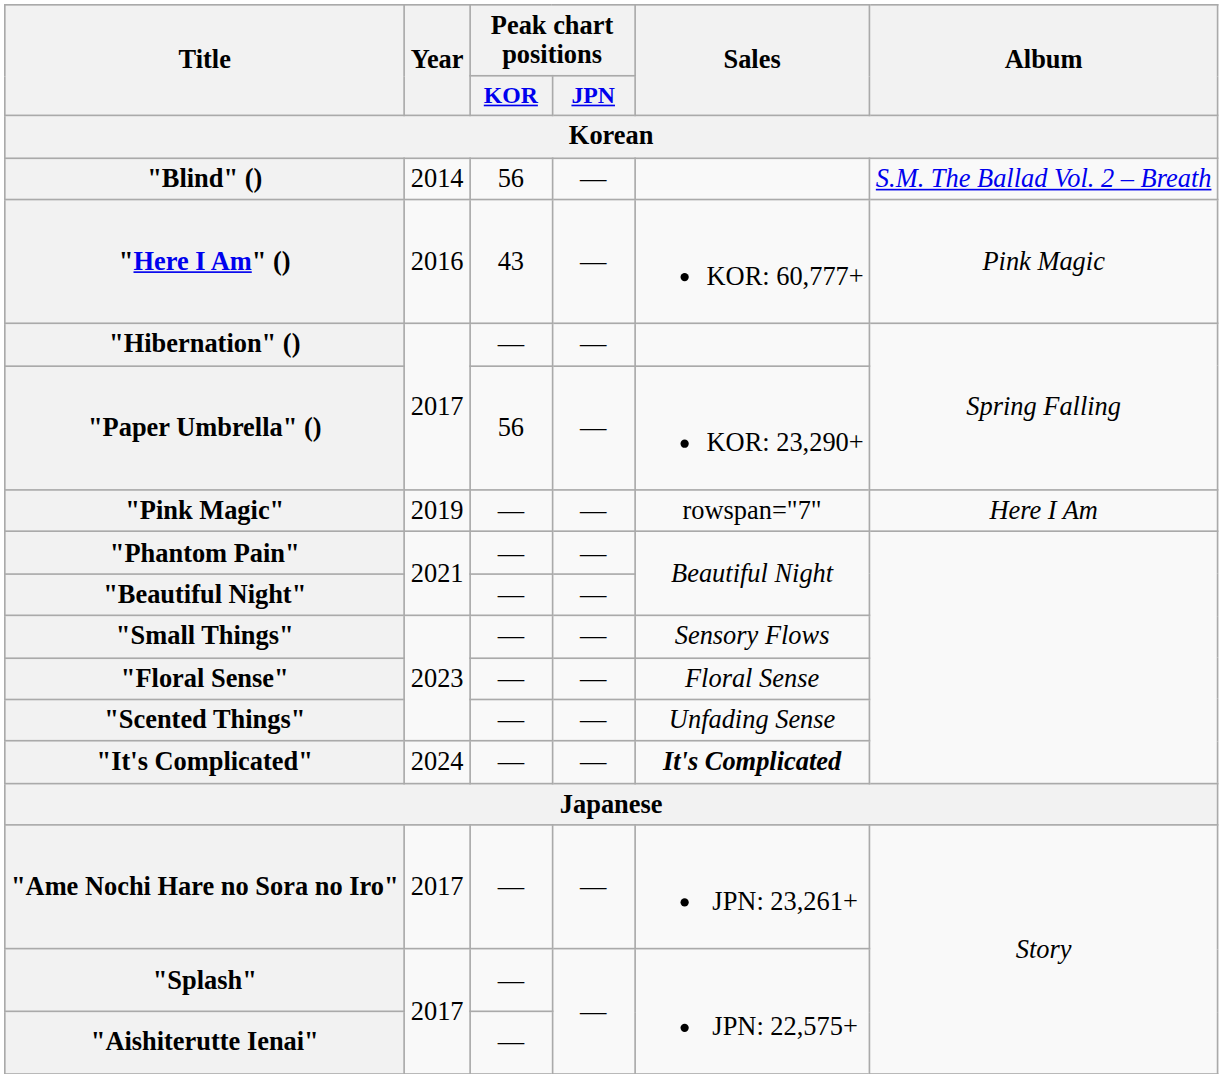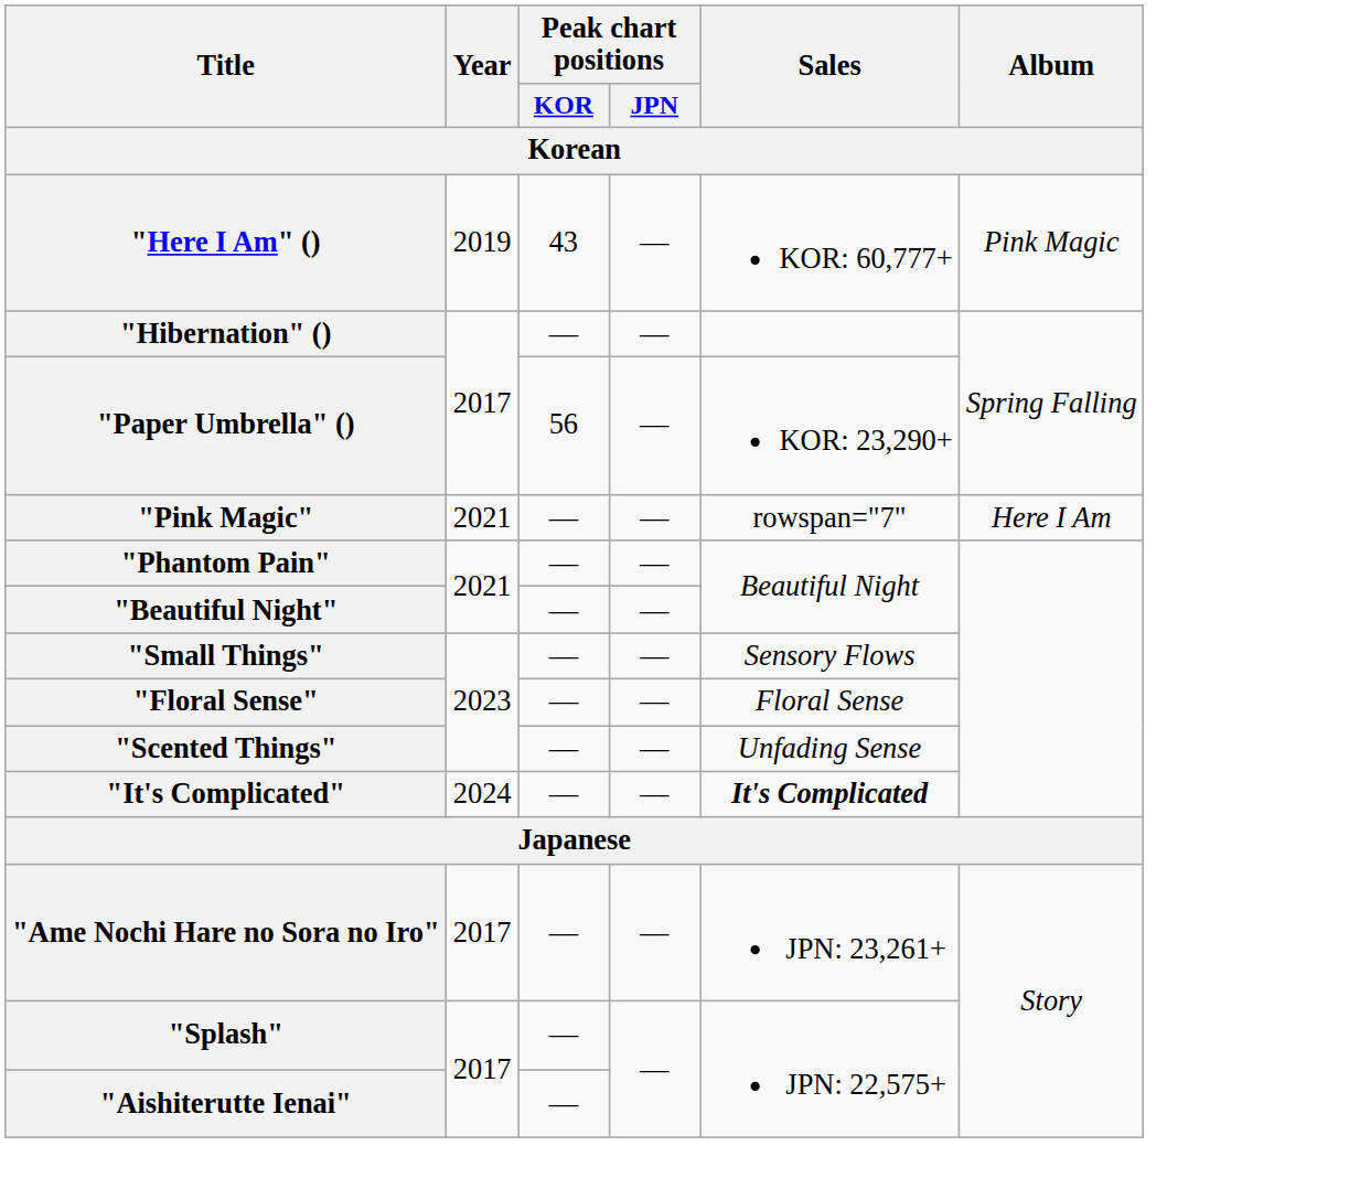 <table class="wikitable plainrowheaders" style="text-align:center;">
 <tr>
 <th rowspan=2>Title</th>
 <th rowspan=2>Year</th>
 <th colspan=2>Peak chart positions</th>
 <th rowspan=2>Sales</th>
 <th rowspan=2>Album</th>
 </tr>
 <tr>
 <th scope="col" style="width:3em;font-size:90%;"><a href='#'>KOR</a><br></th>
 <th scope="col" style="width:3em;font-size:90%;"><a href='#'>JPN</a><br></th>
 </tr>
 <tr>
 <th colspan="6">Korean</th>
 </tr>
 <tr>
-<th scope=row>"Blind" ()</th>
-<td>2014</td>
-<td>56</td>
-<td>—</td>
-<td></td>
-<td><em><a href='#'>S.M. The Ballad Vol. 2 – Breath</a></em></td>
-</tr>
-<tr>
 <th scope=row>"<a href='#'>Here I Am</a>" ()</th>
-<td>2016</td>
+<td>2019</td>
 <td>43</td>
 <td>—</td>
 <td><br><ul><li>KOR: 60,777+</li></ul></td>
 <td><em>Pink Magic</em></td>
 </tr>
 <tr>
 <th scope=row>"Hibernation" ()</th>
 <td rowspan="2">2017</td>
 <td>—</td>
 <td>—</td>
 <td></td>
 <td rowspan="2"><em>Spring Falling</em></td>
 </tr>
 <tr>
 <th scope=row>"Paper Umbrella" ()</th>
 <td>56</td>
 <td>—</td>
 <td><br><ul><li>KOR: 23,290+</li></ul></td>
 </tr>
 <tr>
 <th scope=row>"Pink Magic"</th>
-<td>2019</td>
+<td>2021</td>
 <td>—</td>
 <td>—</td>
 <td>rowspan="7" </td>
 <td><em>Here I Am</em></td>
 </tr>
 <tr>
 <th scope="row">"Phantom Pain"</th>
 <td rowspan="2">2021</td>
 <td>—</td>
 <td>—</td>
 <td rowspan="2"><em>Beautiful Night</em></td>
 </tr>
 <tr>
 <th scope=row>"Beautiful Night"</th>
 <td>—</td>
 <td>—</td>
 </tr>
 <tr>
 <th scope=row>"Small Things"</th>
 <td rowspan="3">2023</td>
 <td>—</td>
 <td>—</td>
 <td><em>Sensory Flows</em></td>
 </tr>
 <tr>
 <th scope=row>"Floral Sense"<br></th>
 <td>—</td>
 <td>—</td>
 <td><em>Floral Sense</em></td>
 </tr>
 <tr>
 <th scope="row">"Scented Things"</th>
 <td>—</td>
 <td>—</td>
 <td><em>Unfading Sense</em></td>
 </tr>
 <tr>
 <th scope=row>"It's Complicated"</th>
 <td>2024</td>
 <td>—</td>
 <td>—</td>
 <td><strong><em>It's Complicated</em></strong></td>
 </tr>
 <tr>
 <th colspan="6">Japanese</th>
 </tr>
 <tr>
 <th scope=row>"Ame Nochi Hare no Sora no Iro" </th>
 <td>2017</td>
 <td>—</td>
 <td>—</td>
 <td><br><ul><li>JPN: 23,261+</li></ul></td>
 <td rowspan="3"><em>Story</em></td>
 </tr>
 <tr>
 <th scope=row>"Splash"</th>
 <td rowspan="2">2017</td>
 <td>—</td>
 <td rowspan="2">—</td>
 <td rowspan="2"><br><ul><li>JPN: 22,575+</li></ul></td>
 </tr>
 <tr>
 <th scope=row>"Aishiterutte Ienai" </th>
 <td>—</td>
 </tr>
 </table>
